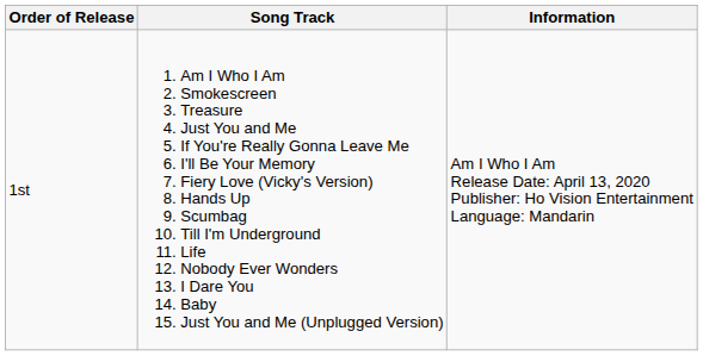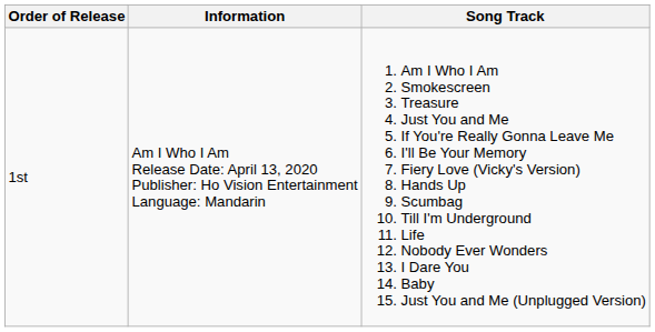 <table class="wikitable">
 <tr>
 <th>Order of Release</th>
+<th>Information</th>
 <th>Song Track</th>
-<th>Information</th>
 </tr>
 <tr>
 <td>1st</td>
+<td>Am I Who I Am<br>Release Date: April 13, 2020<br>Publisher: Ho Vision Entertainment<br>Language: Mandarin</td>
 <td><br><ol><li>Am I Who I Am</li><li>Smokescreen</li><li>Treasure</li><li>Just You and Me</li><li>If You're Really Gonna Leave Me</li><li>I'll Be Your Memory</li><li>Fiery Love (Vicky's Version)</li><li>Hands Up</li><li>Scumbag</li><li>Till I'm Underground</li><li>Life</li><li>Nobody Ever Wonders</li><li>I Dare You</li><li>Baby</li><li>Just You and Me (Unplugged Version)</li></ol></td>
-<td>Am I Who I Am<br>Release Date: April 13, 2020<br>Publisher: Ho Vision Entertainment<br>Language: Mandarin</td>
 </tr>
 </table>
